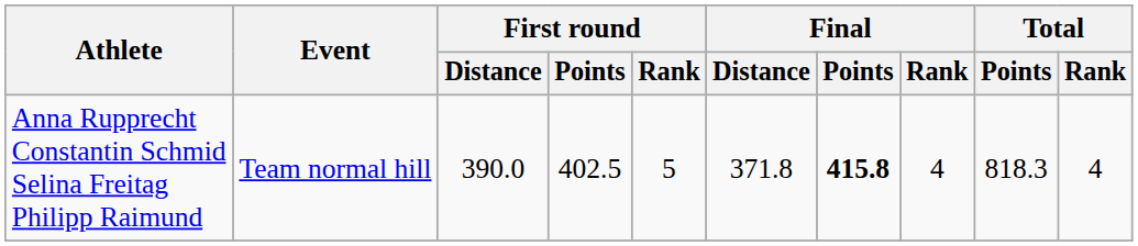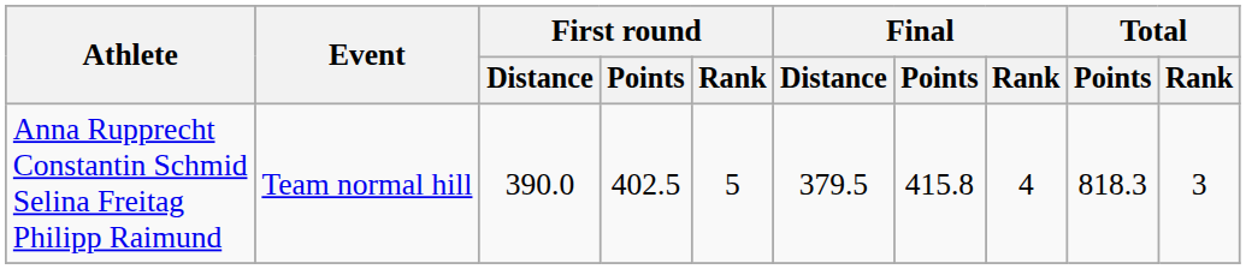 <table class="wikitable" style="font-size:90%">
 <tr>
 <th rowspan=2>Athlete</th>
 <th rowspan=2>Event</th>
 <th colspan=3>First round</th>
 <th colspan=3>Final</th>
 <th colspan=2>Total</th>
 </tr>
 <tr style="font-size:95%">
 <th>Distance</th>
 <th>Points</th>
 <th>Rank</th>
 <th>Distance</th>
 <th>Points</th>
 <th>Rank</th>
 <th>Points</th>
 <th>Rank</th>
 </tr>
 <tr align=center>
 <td align=left><a href='#'>Anna Rupprecht</a><br><a href='#'>Constantin Schmid</a><br><a href='#'>Selina Freitag</a><br><a href='#'>Philipp Raimund</a></td>
 <td align=left><a href='#'>Team normal hill</a></td>
 <td>390.0</td>
 <td>402.5</td>
 <td>5</td>
-<td>371.8</td>
-<td><strong>415.8</strong></td>
+<td>379.5</td>
+<td>415.8</td>
 <td>4</td>
 <td>818.3</td>
-<td>4</td>
+<td>3</td>
 </tr>
 </table>
